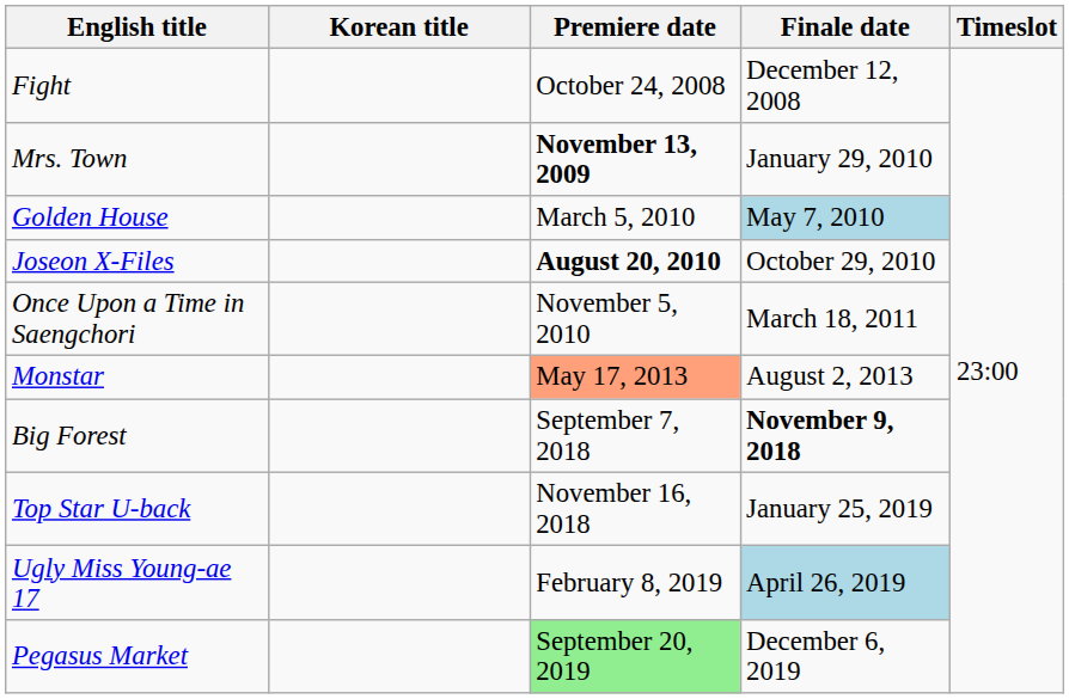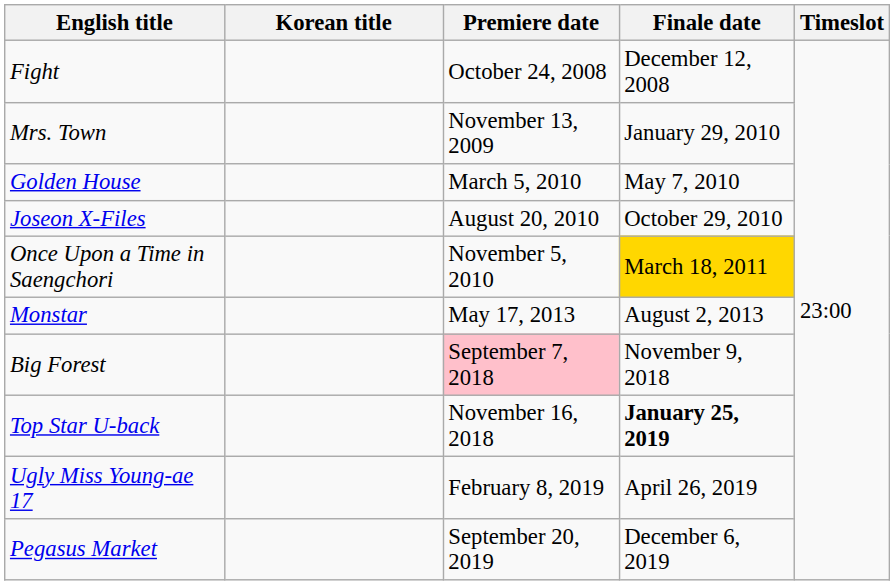 <table class="wikitable sortable" width="100%">
 <tr>
 <th style="width:25%">English title</th>
 <th style="width:25%">Korean title</th>
 <th style="width:20%">Premiere date</th>
 <th style="width:20%">Finale date</th>
 <th style="width:10%">Timeslot</th>
 </tr>
 <tr>
 <td><em>Fight</em></td>
 <td></td>
 <td>October 24, 2008</td>
 <td>December 12, 2008</td>
 <td rowspan=10>23:00</td>
 </tr>
 <tr>
 <td><em>Mrs. Town</em></td>
 <td></td>
-<td><strong>November 13, 2009</strong></td>
+<td>November 13, 2009</td>
 <td>January 29, 2010</td>
 </tr>
 <tr>
 <td><em><a href='#'>Golden House</a></em></td>
 <td></td>
 <td>March 5, 2010</td>
-<td style="background: lightblue;">May 7, 2010</td>
+<td>May 7, 2010</td>
 </tr>
 <tr>
 <td><em><a href='#'>Joseon X-Files</a></em></td>
 <td></td>
-<td><strong>August 20, 2010</strong></td>
+<td>August 20, 2010</td>
 <td>October 29, 2010</td>
 </tr>
 <tr>
 <td><em>Once Upon a Time in Saengchori</em></td>
 <td></td>
 <td>November 5, 2010</td>
-<td>March 18, 2011</td>
+<td style="background: gold;">March 18, 2011</td>
 </tr>
 <tr>
 <td><em><a href='#'>Monstar</a></em></td>
 <td></td>
-<td style="background: lightsalmon;">May 17, 2013</td>
+<td>May 17, 2013</td>
 <td>August 2, 2013</td>
 </tr>
 <tr>
 <td><em>Big Forest</em></td>
 <td></td>
-<td>September 7, 2018</td>
-<td><strong>November 9, 2018</strong></td>
+<td style="background: pink;">September 7, 2018</td>
+<td>November 9, 2018</td>
 </tr>
 <tr>
 <td><em><a href='#'>Top Star U-back</a></em></td>
 <td></td>
 <td>November 16, 2018</td>
-<td>January 25, 2019</td>
+<td><strong>January 25, 2019</strong></td>
 </tr>
 <tr>
 <td><em><a href='#'>Ugly Miss Young-ae 17</a></em></td>
 <td></td>
 <td>February 8, 2019</td>
-<td style="background: lightblue;">April 26, 2019</td>
+<td>April 26, 2019</td>
 </tr>
 <tr>
 <td><em><a href='#'>Pegasus Market</a></em></td>
 <td></td>
-<td style="background: lightgreen;">September 20, 2019</td>
+<td>September 20, 2019</td>
 <td>December 6, 2019</td>
 </tr>
 </table>
